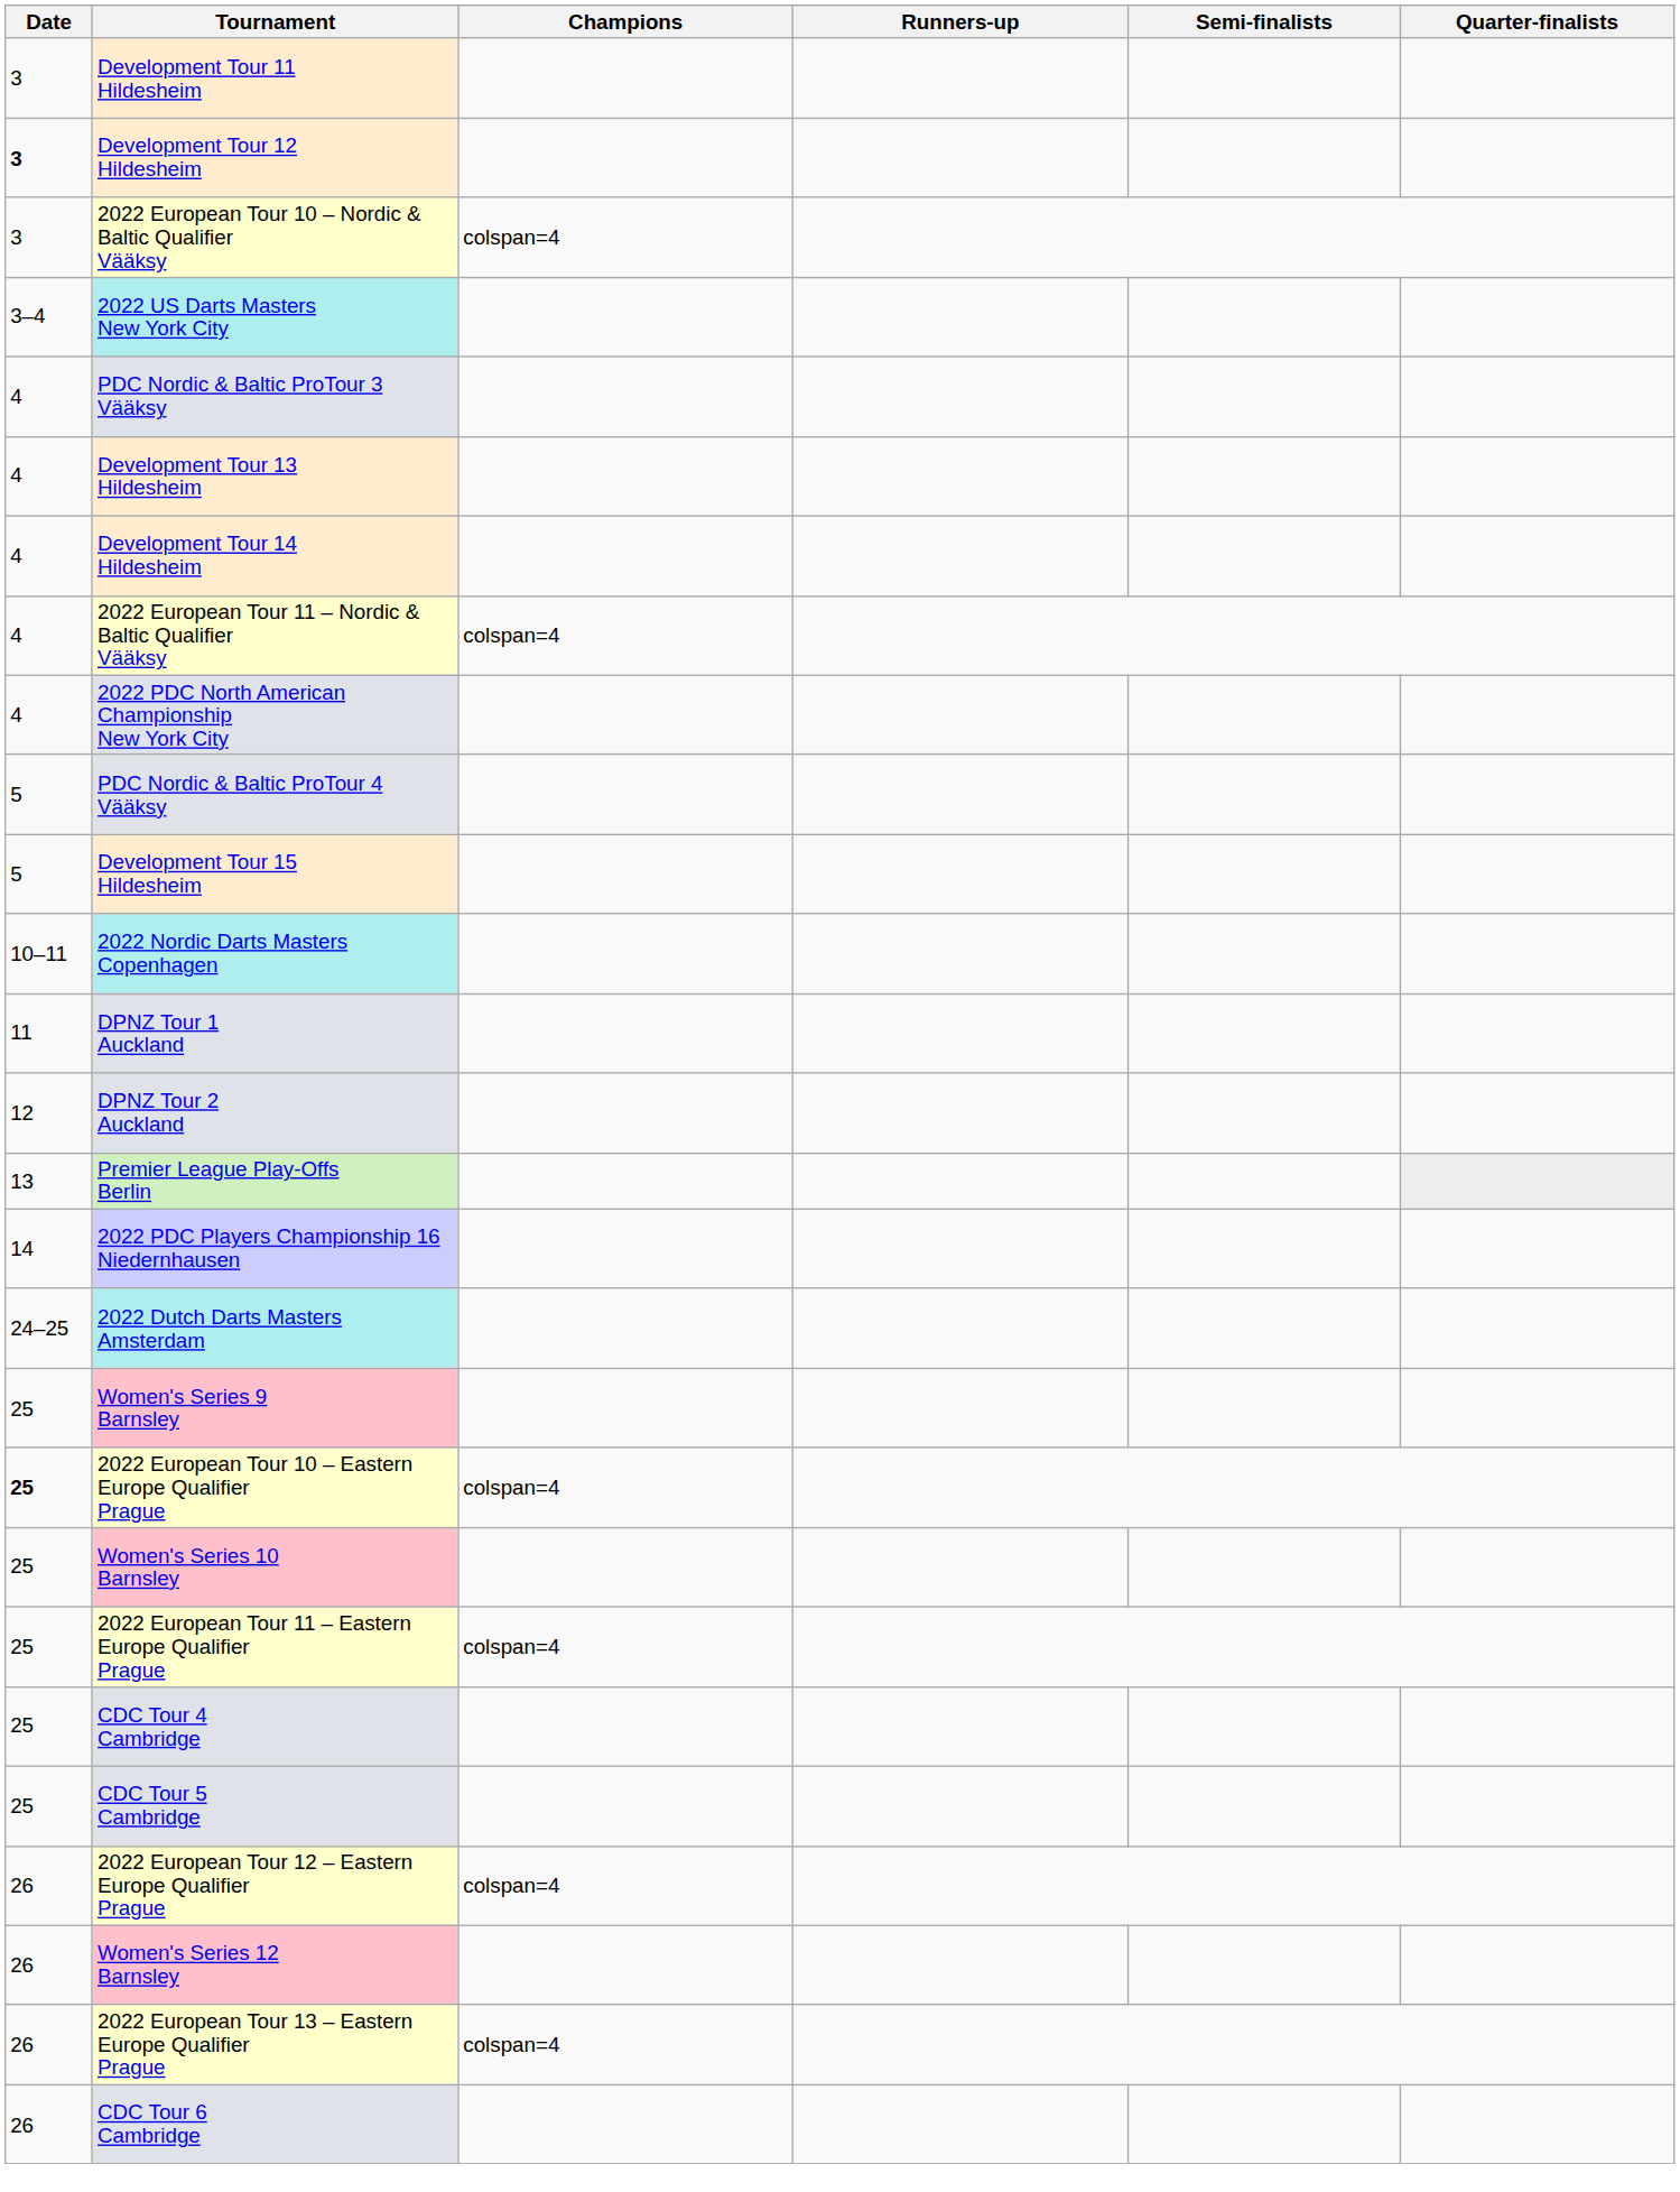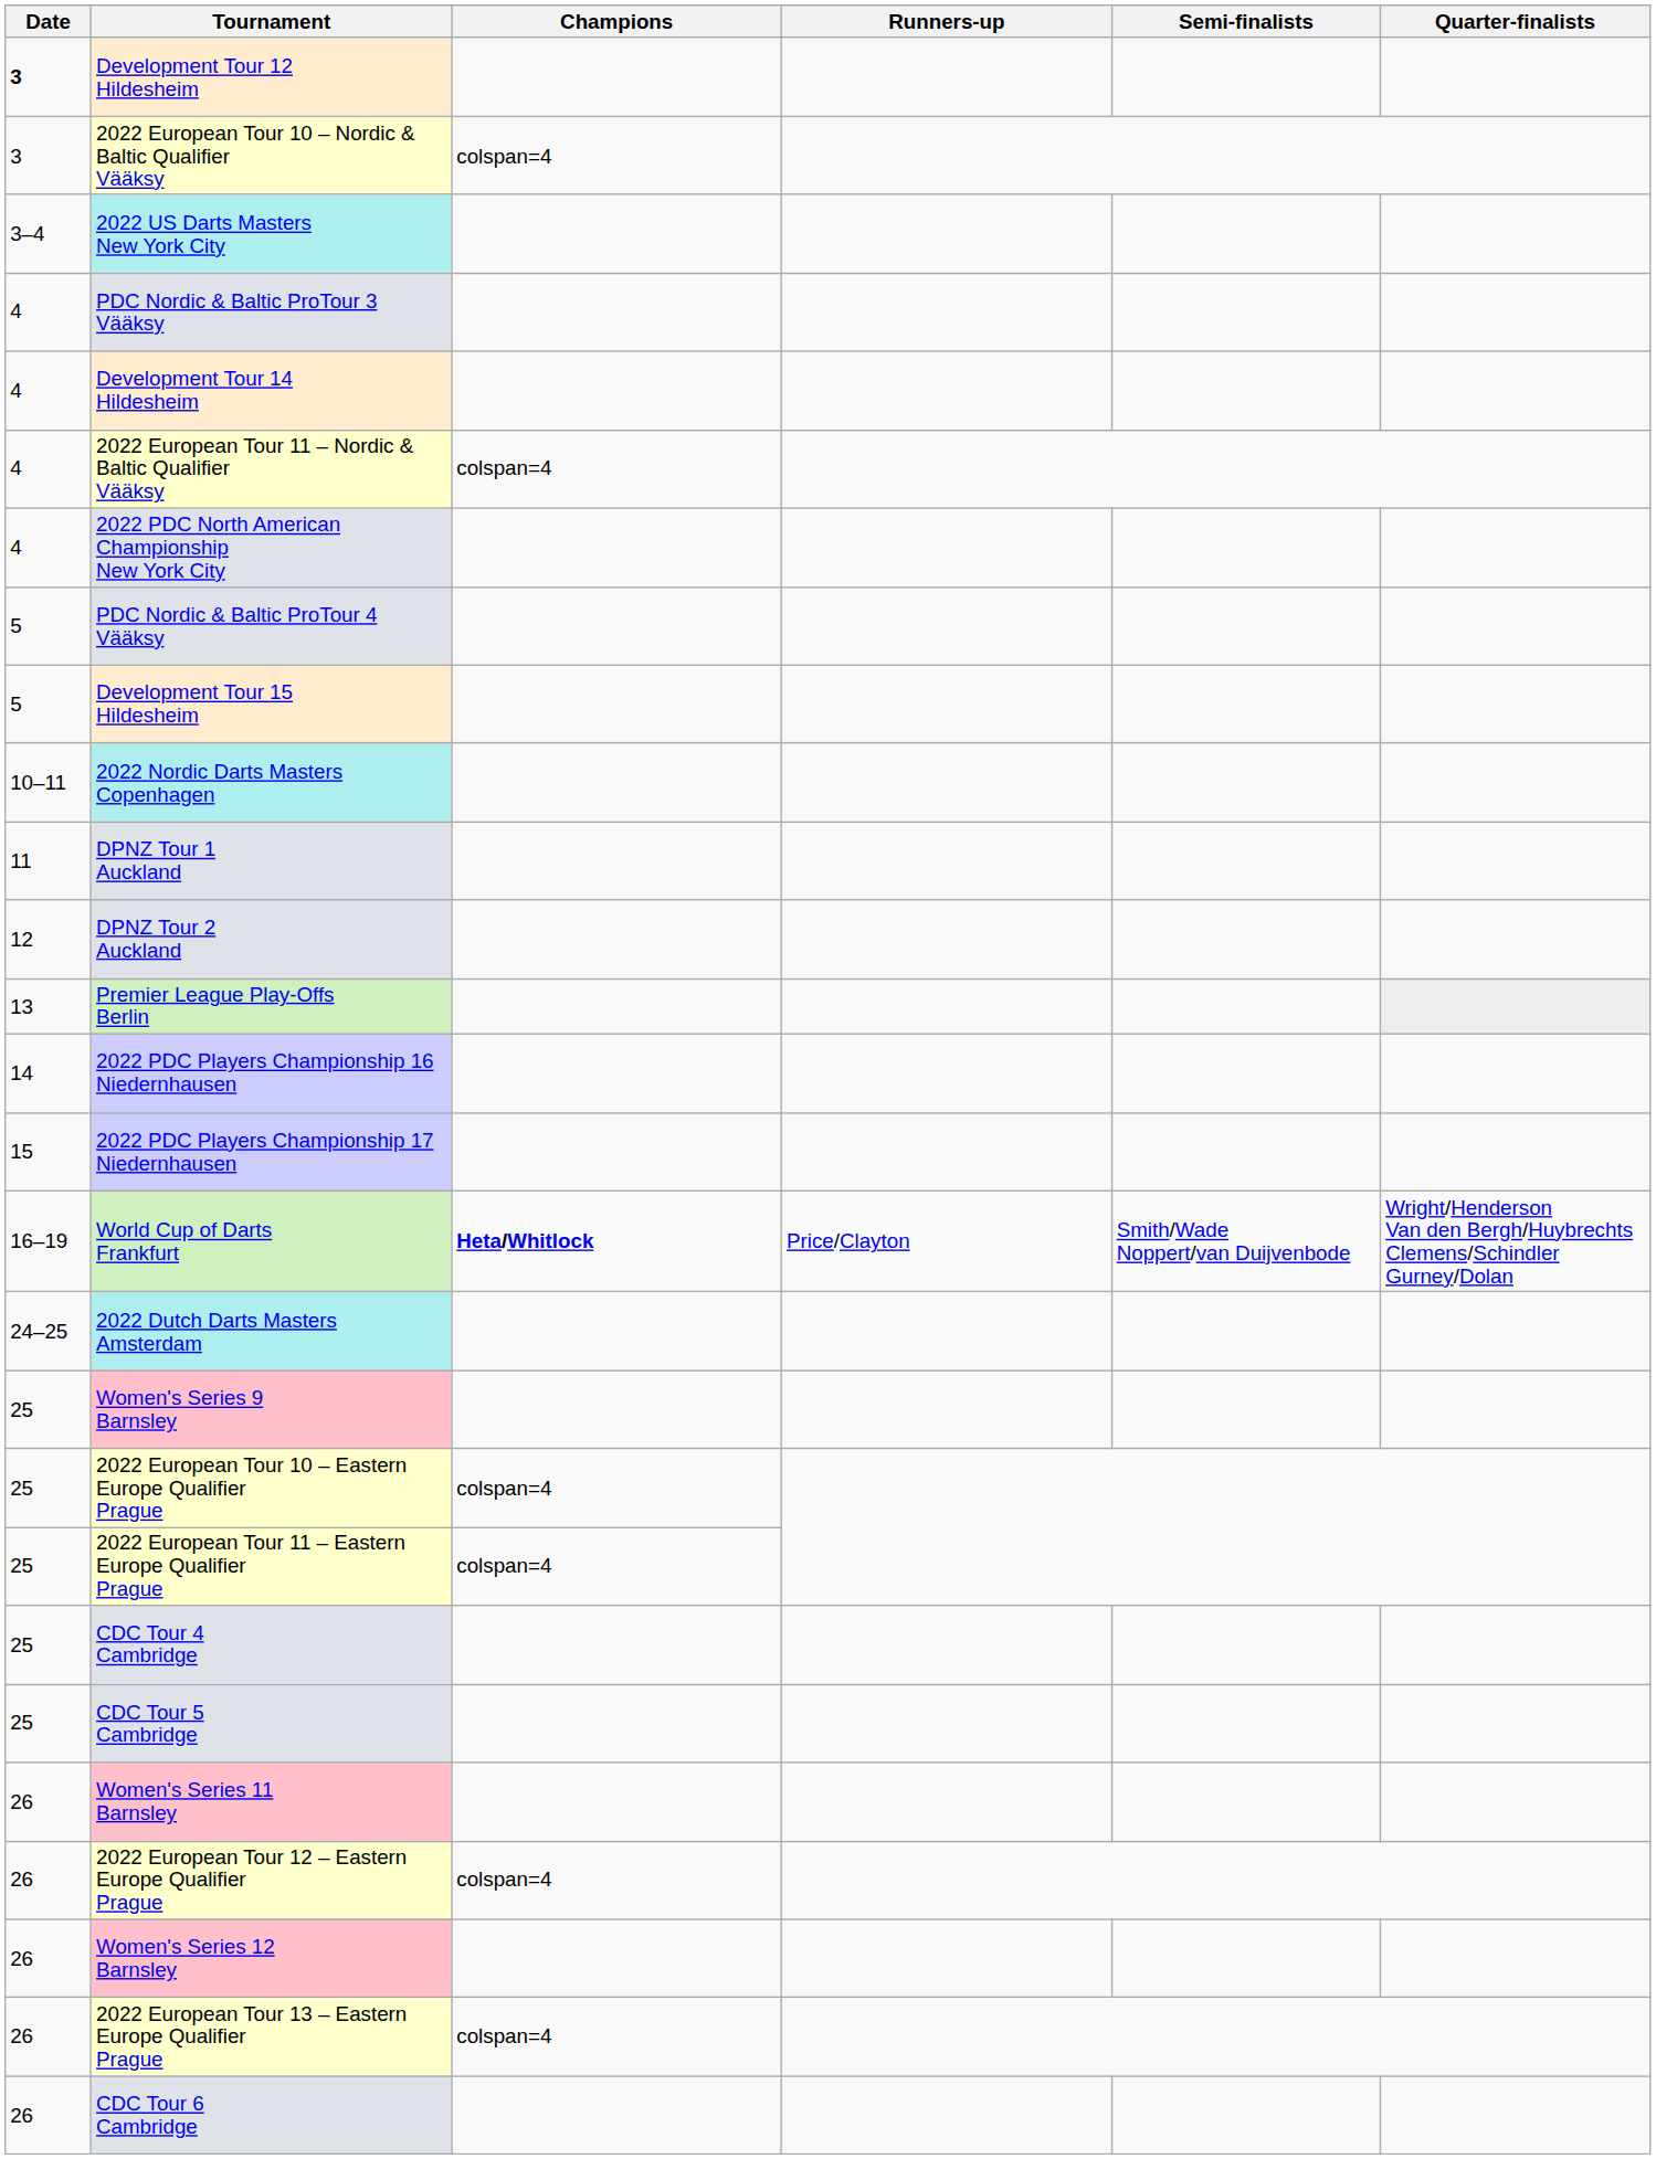 <table class=wikitable style=font-size:85%>
 <tr>
 <th width=50>Date</th>
 <th width=230>Tournament</th>
 <th width=210>Champions</th>
 <th width=210>Runners-up</th>
 <th width=170>Semi-finalists</th>
 <th width=170>Quarter-finalists</th>
-</tr>
-<tr>
-<td>3</td>
-<td bgcolor="#ffebcd"><a href='#'>Development Tour 11</a> <br>  <a href='#'>Hildesheim</a></td>
-<td></td>
-<td></td>
-<td> <br> </td>
-<td> <br>  <br>  <br> </td>
 </tr>
 <tr>
 <td><strong>3</strong></td>
 <td bgcolor="#ffebcd"><a href='#'>Development Tour 12</a> <br>  <a href='#'>Hildesheim</a></td>
 <td></td>
 <td></td>
 <td> <br> </td>
 <td> <br>  <br>  <br> </td>
 </tr>
 <tr>
 <td>3</td>
 <td bgcolor="ffffcc">2022 European Tour 10 – Nordic & Baltic Qualifier <br> <a href='#'>Vääksy</a></td>
 <td>colspan=4 </td>
 </tr>
 <tr>
 <td>3–4</td>
 <td bgcolor="#afeeee"><a href='#'>2022 US Darts Masters</a> <br>  <a href='#'>New York City</a></td>
 <td></td>
 <td></td>
 <td> <br> </td>
 <td> <br>  <br>  <br> </td>
 </tr>
 <tr>
 <td>4</td>
 <td bgcolor="#dfe2e9"><a href='#'>PDC Nordic & Baltic ProTour 3</a> <br>  <a href='#'>Vääksy</a></td>
-<td></td>
-<td></td>
-<td> <br> </td>
-<td> <br>  <br>  <br> </td>
-</tr>
-<tr>
-<td>4</td>
-<td bgcolor="#ffebcd"><a href='#'>Development Tour 13</a> <br>  <a href='#'>Hildesheim</a></td>
 <td></td>
 <td></td>
 <td> <br> </td>
 <td> <br>  <br>  <br> </td>
 </tr>
 <tr>
 <td>4</td>
 <td bgcolor="#ffebcd"><a href='#'>Development Tour 14</a> <br>  <a href='#'>Hildesheim</a></td>
 <td></td>
 <td></td>
 <td> <br> </td>
 <td> <br>  <br>  <br> </td>
 </tr>
 <tr>
 <td>4</td>
 <td bgcolor="ffffcc">2022 European Tour 11 – Nordic & Baltic Qualifier <br> <a href='#'>Vääksy</a></td>
 <td>colspan=4 </td>
 </tr>
 <tr>
 <td>4</td>
 <td bgcolor="#dfe2e9"><a href='#'>2022 PDC North American Championship</a> <br>  <a href='#'>New York City</a></td>
 <td></td>
 <td></td>
 <td> <br> </td>
 <td> <br>  <br>  <br> </td>
 </tr>
 <tr>
 <td>5</td>
 <td bgcolor="#dfe2e9"><a href='#'>PDC Nordic & Baltic ProTour 4</a> <br>  <a href='#'>Vääksy</a></td>
 <td></td>
 <td></td>
 <td> <br> </td>
 <td> <br>  <br>  <br> </td>
 </tr>
 <tr>
 <td>5</td>
 <td bgcolor="#ffebcd"><a href='#'>Development Tour 15</a> <br>  <a href='#'>Hildesheim</a></td>
 <td></td>
 <td></td>
 <td> <br> </td>
 <td> <br>  <br>  <br> </td>
 </tr>
 <tr>
 <td>10–11</td>
 <td bgcolor="#afeeee"><a href='#'>2022 Nordic Darts Masters</a> <br>  <a href='#'>Copenhagen</a></td>
 <td></td>
 <td></td>
 <td> <br> </td>
 <td> <br>  <br>  <br> </td>
 </tr>
 <tr>
 <td>11</td>
 <td bgcolor="#dfe2e9"><a href='#'>DPNZ Tour 1</a> <br>  <a href='#'>Auckland</a></td>
 <td></td>
 <td></td>
 <td> <br> </td>
 <td> <br>  <br>  <br> </td>
 </tr>
 <tr>
 <td>12</td>
 <td bgcolor="#dfe2e9"><a href='#'>DPNZ Tour 2</a> <br>  <a href='#'>Auckland</a></td>
 <td></td>
 <td></td>
 <td> <br> </td>
 <td> <br>  <br>  <br> </td>
 </tr>
 <tr>
 <td>13</td>
 <td bgcolor="d0f0c0"><a href='#'>Premier League Play-Offs</a> <br> <a href='#'>Berlin</a></td>
 <td></td>
 <td></td>
 <td> <br> </td>
 <td bgcolor="#ededed"></td>
 </tr>
 <tr>
 <td>14</td>
 <td bgcolor="#ccccff"><a href='#'>2022 PDC Players Championship 16</a> <br>  <a href='#'>Niedernhausen</a></td>
 <td></td>
 <td></td>
 <td> <br> </td>
 <td> <br>  <br>  <br> </td>
 </tr>
 <tr>
+<td>15</td>
+<td bgcolor="#ccccff"><a href='#'>2022 PDC Players Championship 17</a> <br>  <a href='#'>Niedernhausen</a></td>
+<td></td>
+<td></td>
+<td> <br> </td>
+<td> <br>  <br>  <br> </td>
+</tr>
+<tr>
+<td>16–19</td>
+<td bgcolor="#d0f0c0"><a href='#'>World Cup of Darts</a> <br>  <a href='#'>Frankfurt</a></td>
+<td> <strong><a href='#'>Heta</a>/<a href='#'>Whitlock</a></strong></td>
+<td> <a href='#'>Price</a>/<a href='#'>Clayton</a></td>
+<td> <a href='#'>Smith</a>/<a href='#'>Wade</a> <br>  <a href='#'>Noppert</a>/<a href='#'>van Duijvenbode</a></td>
+<td> <a href='#'>Wright</a>/<a href='#'>Henderson</a> <br>  <a href='#'>Van den Bergh</a>/<a href='#'>Huybrechts</a> <br>  <a href='#'>Clemens</a>/<a href='#'>Schindler</a> <br>  <a href='#'>Gurney</a>/<a href='#'>Dolan</a></td>
+</tr>
+<tr>
 <td>24–25</td>
 <td bgcolor="#afeeee"><a href='#'>2022 Dutch Darts Masters</a> <br>  <a href='#'>Amsterdam</a></td>
 <td></td>
 <td></td>
 <td> <br> </td>
 <td> <br>  <br>  <br> </td>
 </tr>
 <tr>
 <td>25</td>
 <td bgcolor="#ffc0cb"><a href='#'>Women's Series 9</a> <br>  <a href='#'>Barnsley</a></td>
 <td></td>
 <td></td>
 <td> <br> </td>
 <td> <br>  <br>  <br> </td>
 </tr>
 <tr>
-<td><strong>25</strong></td>
+<td>25</td>
 <td bgcolor="ffffcc">2022 European Tour 10 – Eastern Europe Qualifier <br> <a href='#'>Prague</a></td>
 <td>colspan=4 </td>
-</tr>
-<tr>
-<td>25</td>
-<td bgcolor="#ffc0cb"><a href='#'>Women's Series 10</a> <br>  <a href='#'>Barnsley</a></td>
-<td></td>
-<td></td>
-<td> <br> </td>
-<td> <br>  <br>  <br> </td>
 </tr>
 <tr>
 <td>25</td>
 <td bgcolor="ffffcc">2022 European Tour 11 – Eastern Europe Qualifier <br> <a href='#'>Prague</a></td>
 <td>colspan=4 </td>
 </tr>
 <tr>
 <td>25</td>
 <td bgcolor="#dfe2e9"><a href='#'>CDC Tour 4</a> <br>  <a href='#'>Cambridge</a></td>
 <td></td>
 <td></td>
 <td> <br> </td>
 <td> <br>  <br>  <br> </td>
 </tr>
 <tr>
 <td>25</td>
 <td bgcolor="#dfe2e9"><a href='#'>CDC Tour 5</a> <br>  <a href='#'>Cambridge</a></td>
+<td></td>
+<td></td>
+<td> <br> </td>
+<td> <br>  <br>  <br> </td>
+</tr>
+<tr>
+<td>26</td>
+<td bgcolor="#ffc0cb"><a href='#'>Women's Series 11</a> <br>  <a href='#'>Barnsley</a></td>
 <td></td>
 <td></td>
 <td> <br> </td>
 <td> <br>  <br>  <br> </td>
 </tr>
 <tr>
 <td>26</td>
 <td bgcolor="ffffcc">2022 European Tour 12 – Eastern Europe Qualifier <br> <a href='#'>Prague</a></td>
 <td>colspan=4 </td>
 </tr>
 <tr>
 <td>26</td>
 <td bgcolor="#ffc0cb"><a href='#'>Women's Series 12</a> <br>  <a href='#'>Barnsley</a></td>
 <td></td>
 <td></td>
 <td> <br> </td>
 <td> <br>  <br>  <br> </td>
 </tr>
 <tr>
 <td>26</td>
 <td bgcolor="ffffcc">2022 European Tour 13 – Eastern Europe Qualifier <br> <a href='#'>Prague</a></td>
 <td>colspan=4 </td>
 </tr>
 <tr>
 <td>26</td>
 <td bgcolor="#dfe2e9"><a href='#'>CDC Tour 6</a> <br>  <a href='#'>Cambridge</a></td>
 <td></td>
 <td></td>
 <td> <br> </td>
 <td> <br>  <br>  <br> </td>
 </tr>
 </table>
